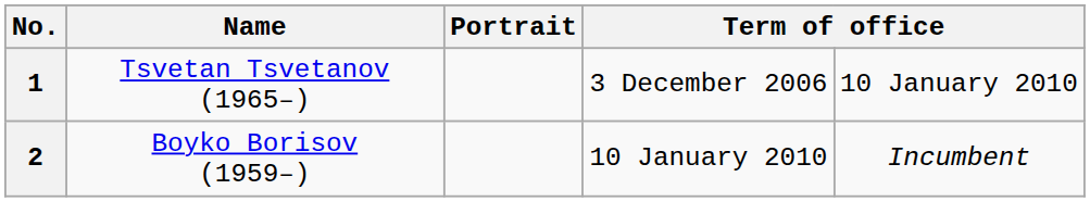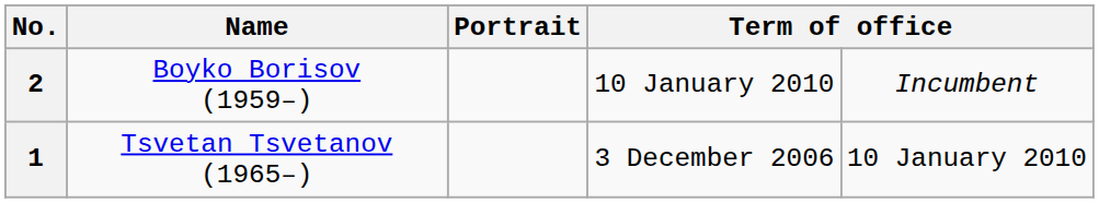 <table class="wikitable" style="text-align:center">
 <tr>
 <th>No.</th>
 <th width=180>Name<br></th>
 <th>Portrait</th>
 <th colspan=2>Term of office</th>
 </tr>
 <tr>
+<th style="background:">2</th>
+<td><a href='#'>Boyko Borisov</a><br>(1959–)</td>
+<td></td>
+<td>10 January 2010</td>
+<td><em>Incumbent</em></td>
+</tr>
+<tr>
 <th style="background:">1</th>
 <td><a href='#'>Tsvetan Tsvetanov</a><br>(1965–)</td>
 <td></td>
 <td>3 December 2006</td>
 <td>10 January 2010</td>
 </tr>
-<tr>
-<th style="background:">2</th>
-<td><a href='#'>Boyko Borisov</a><br>(1959–)</td>
-<td></td>
-<td>10 January 2010</td>
-<td><em>Incumbent</em></td>
-</tr>
 </table>
